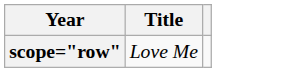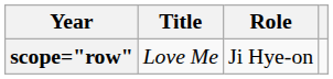 <table class="wikitable plainrowheaders">
 <tr>
 <th scope="col">Year</th>
 <th scope="col">Title</th>
+<th scope="col">Role</th>
 <th scope="col" class="unsortable"></th>
 </tr>
 <tr>
 <th>scope="row" </th>
 <td><em>Love Me</em></td>
+<td>Ji Hye-on</td>
 <td style="text-align:center"></td>
 </tr>
 </table>
